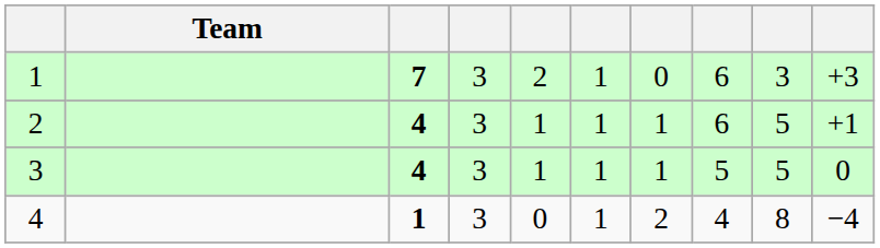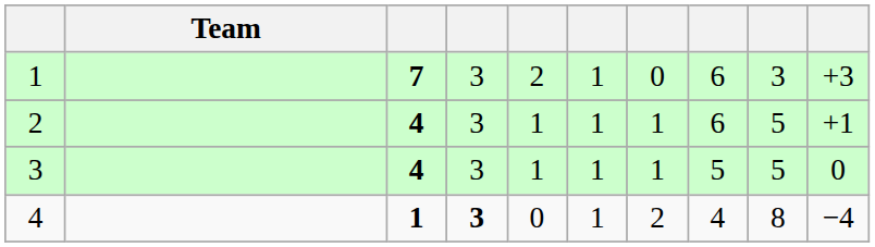 <table class="wikitable" style="text-align: center;">
 <tr>
 <th width="25"></th>
 <th width="165">Team</th>
 <th width="25"></th>
 <th width="25"></th>
 <th width="25"></th>
 <th width="25"></th>
 <th width="25"></th>
 <th width="25"></th>
 <th width="25"></th>
 <th width="25"></th>
 </tr>
 <tr bgcolor=#ccffcc>
 <td>1</td>
 <td align="left"></td>
 <td><strong>7</strong></td>
 <td>3</td>
 <td>2</td>
 <td>1</td>
 <td>0</td>
 <td>6</td>
 <td>3</td>
 <td>+3</td>
 </tr>
 <tr bgcolor=#ccffcc>
 <td>2</td>
 <td align="left"></td>
 <td><strong>4</strong></td>
 <td>3</td>
 <td>1</td>
 <td>1</td>
 <td>1</td>
 <td>6</td>
 <td>5</td>
 <td>+1</td>
 </tr>
 <tr bgcolor=#ccffcc>
 <td>3</td>
 <td align="left"></td>
 <td><strong>4</strong></td>
 <td>3</td>
 <td>1</td>
 <td>1</td>
 <td>1</td>
 <td>5</td>
 <td>5</td>
 <td>0</td>
 </tr>
 <tr>
 <td>4</td>
 <td align="left"></td>
 <td><strong>1</strong></td>
-<td>3</td>
+<td><strong>3</strong></td>
 <td>0</td>
 <td>1</td>
 <td>2</td>
 <td>4</td>
 <td>8</td>
 <td>−4</td>
 </tr>
 </table>
